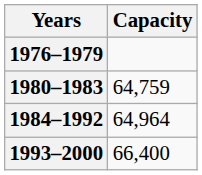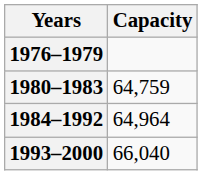 <table class="wikitable">
 <tr>
 <th scope="row">Years</th>
 <th scope="row">Capacity</th>
 </tr>
 <tr>
 <th scope="row">1976–1979</th>
 <td></td>
 </tr>
 <tr>
 <th scope="row">1980–1983</th>
 <td>64,759</td>
 </tr>
 <tr>
 <th scope="row">1984–1992</th>
 <td>64,964</td>
 </tr>
 <tr>
 <th scope="row">1993–2000</th>
-<td>66,400</td>
+<td>66,040</td>
 </tr>
 </table>
